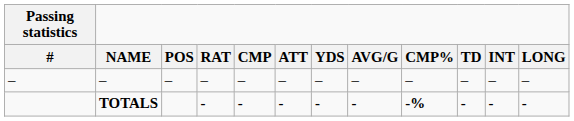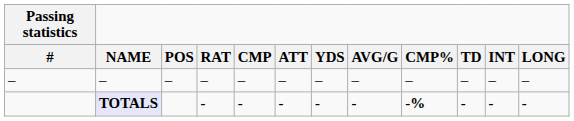 <table class="wikitable">
 <tr>
 <th style="text-align:center; ">Passing statistics</th>
 </tr>
 <tr>
 <th>#</th>
 <th>NAME</th>
 <th>POS</th>
 <th>RAT</th>
 <th>CMP</th>
 <th>ATT</th>
 <th>YDS</th>
 <th>AVG/G</th>
 <th>CMP%</th>
 <th>TD</th>
 <th>INT</th>
 <th>LONG</th>
 </tr>
 <tr>
 <td>–</td>
 <td>–</td>
 <td>–</td>
 <td>–</td>
 <td>–</td>
 <td>–</td>
 <td>–</td>
 <td>–</td>
 <td>–</td>
 <td>–</td>
 <td>–</td>
 <td>–</td>
 </tr>
 <tr>
 <td></td>
-<td><strong>TOTALS</strong></td>
+<td style="background: lavender;"><strong>TOTALS</strong></td>
 <td></td>
 <td><strong>-</strong></td>
 <td><strong>-</strong></td>
 <td><strong>-</strong></td>
 <td><strong>-</strong></td>
 <td><strong>-</strong></td>
 <td><strong>-%</strong></td>
 <td><strong>-</strong></td>
 <td><strong>-</strong></td>
 <td><strong>-</strong></td>
 </tr>
 </table>
